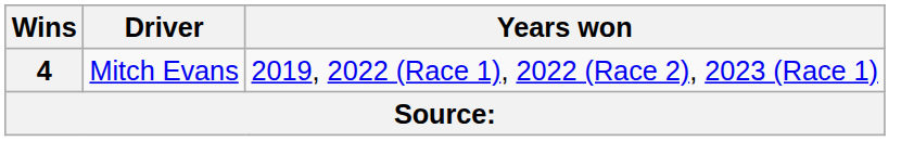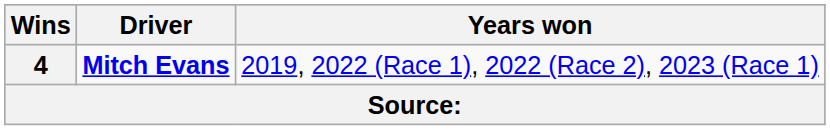 <table class="wikitable" style="font-size: 95%;">
 <tr>
 <th>Wins</th>
 <th>Driver</th>
 <th>Years won</th>
 </tr>
 <tr>
 <th>4</th>
-<td> <a href='#'>Mitch Evans</a></td>
+<td><strong> <a href='#'>Mitch Evans</a></strong></td>
 <td><a href='#'>2019</a>, <a href='#'>2022 (Race 1)</a>, <a href='#'>2022 (Race 2)</a>, <a href='#'>2023 (Race 1)</a></td>
 </tr>
 <tr>
 <th colspan=3>Source:</th>
 </tr>
 </table>
